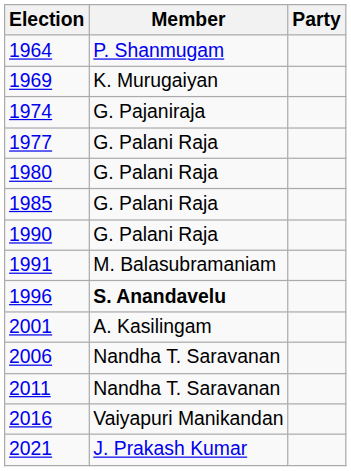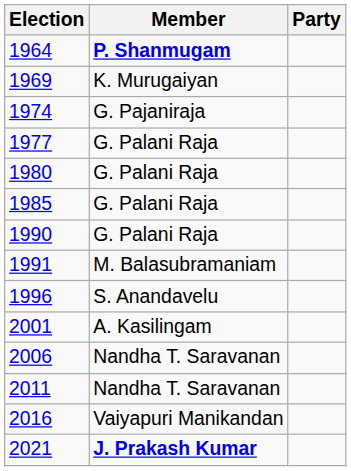 <table class="wikitable">
 <tr>
 <th>Election</th>
 <th>Member</th>
 <th colspan="2">Party</th>
 </tr>
 <tr>
 <td><a href='#'>1964</a></td>
-<td><a href='#'>P. Shanmugam</a></td>
+<td><strong><a href='#'>P. Shanmugam</a></strong></td>
 <td></td>
 </tr>
 <tr>
 <td><a href='#'>1969</a></td>
 <td>K. Murugaiyan</td>
 <td></td>
 </tr>
 <tr>
 <td><a href='#'>1974</a></td>
 <td>G. Pajaniraja</td>
 <td></td>
 </tr>
 <tr>
 <td><a href='#'>1977</a></td>
 <td>G. Palani Raja</td>
 <td></td>
 </tr>
 <tr>
 <td><a href='#'>1980</a></td>
 <td>G. Palani Raja</td>
 <td></td>
 </tr>
 <tr>
 <td><a href='#'>1985</a></td>
 <td>G. Palani Raja</td>
 <td></td>
 </tr>
 <tr>
 <td><a href='#'>1990</a></td>
 <td>G. Palani Raja</td>
 <td></td>
 </tr>
 <tr>
 <td><a href='#'>1991</a></td>
 <td>M. Balasubramaniam</td>
 <td></td>
 </tr>
 <tr>
 <td><a href='#'>1996</a></td>
-<td><strong>S. Anandavelu</strong></td>
+<td>S. Anandavelu</td>
 <td></td>
 </tr>
 <tr>
 <td><a href='#'>2001</a></td>
 <td>A. Kasilingam</td>
 <td></td>
 </tr>
 <tr>
 <td><a href='#'>2006</a></td>
 <td>Nandha T. Saravanan</td>
 <td></td>
 </tr>
 <tr>
 <td><a href='#'>2011</a></td>
 <td>Nandha T. Saravanan</td>
 <td></td>
 </tr>
 <tr>
 <td><a href='#'>2016</a></td>
 <td>Vaiyapuri Manikandan</td>
 <td></td>
 </tr>
 <tr>
 <td><a href='#'>2021</a></td>
-<td><a href='#'>J. Prakash Kumar</a></td>
+<td><strong><a href='#'>J. Prakash Kumar</a></strong></td>
 <td></td>
 </tr>
 </table>
